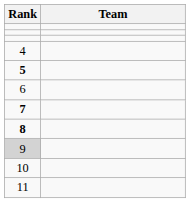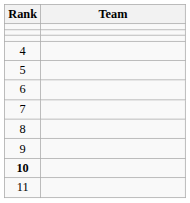 <table class="wikitable" style="text-align: center;">
 <tr>
 <th width=40>Rank</th>
 <th width=180>Team</th>
 </tr>
 <tr>
 <td></td>
 <td align="left"></td>
 </tr>
 <tr>
 <td></td>
 <td align="left"></td>
 </tr>
 <tr>
 <td></td>
 <td align="left"></td>
 </tr>
 <tr>
 <td>4</td>
 <td align="left"></td>
 </tr>
 <tr>
-<td><strong>5</strong></td>
+<td>5</td>
 <td align="left"></td>
 </tr>
 <tr>
 <td>6</td>
 <td align="left"></td>
 </tr>
 <tr>
-<td><strong>7</strong></td>
+<td>7</td>
 <td align="left"></td>
 </tr>
 <tr>
-<td><strong>8</strong></td>
+<td>8</td>
 <td align="left"></td>
 </tr>
 <tr>
-<td style="background: lightgrey;">9</td>
+<td>9</td>
 <td align="left"></td>
 </tr>
 <tr>
-<td>10</td>
+<td><strong>10</strong></td>
 <td align="left"></td>
 </tr>
 <tr>
 <td>11</td>
 <td align="left"></td>
 </tr>
 </table>
